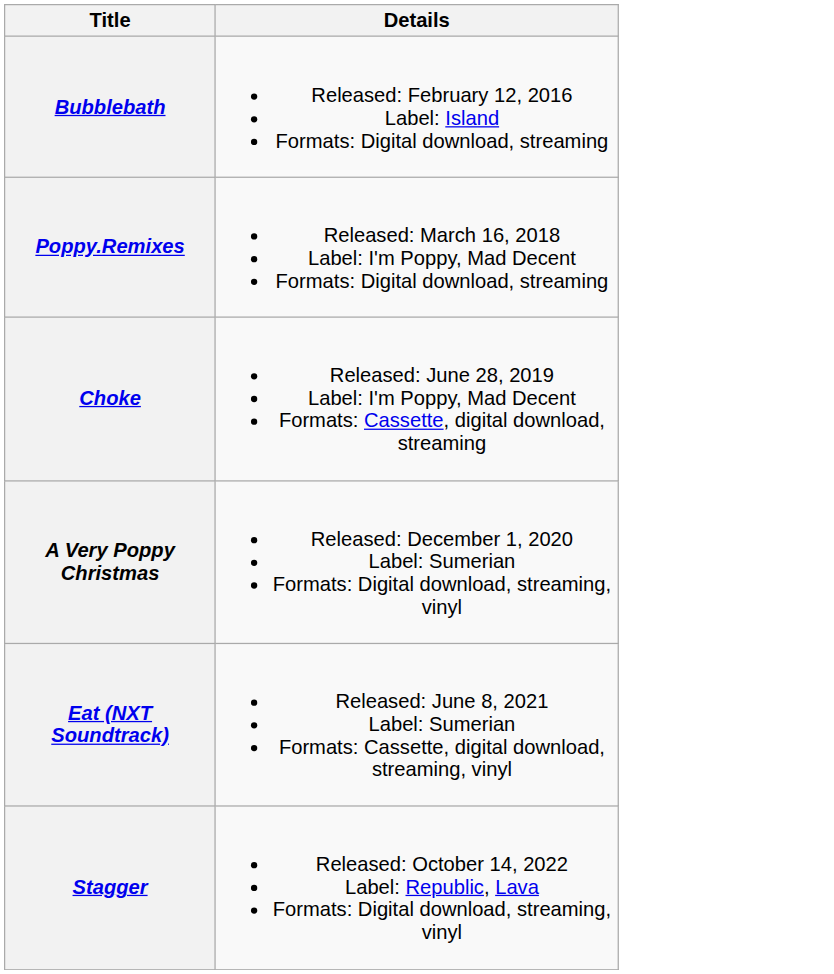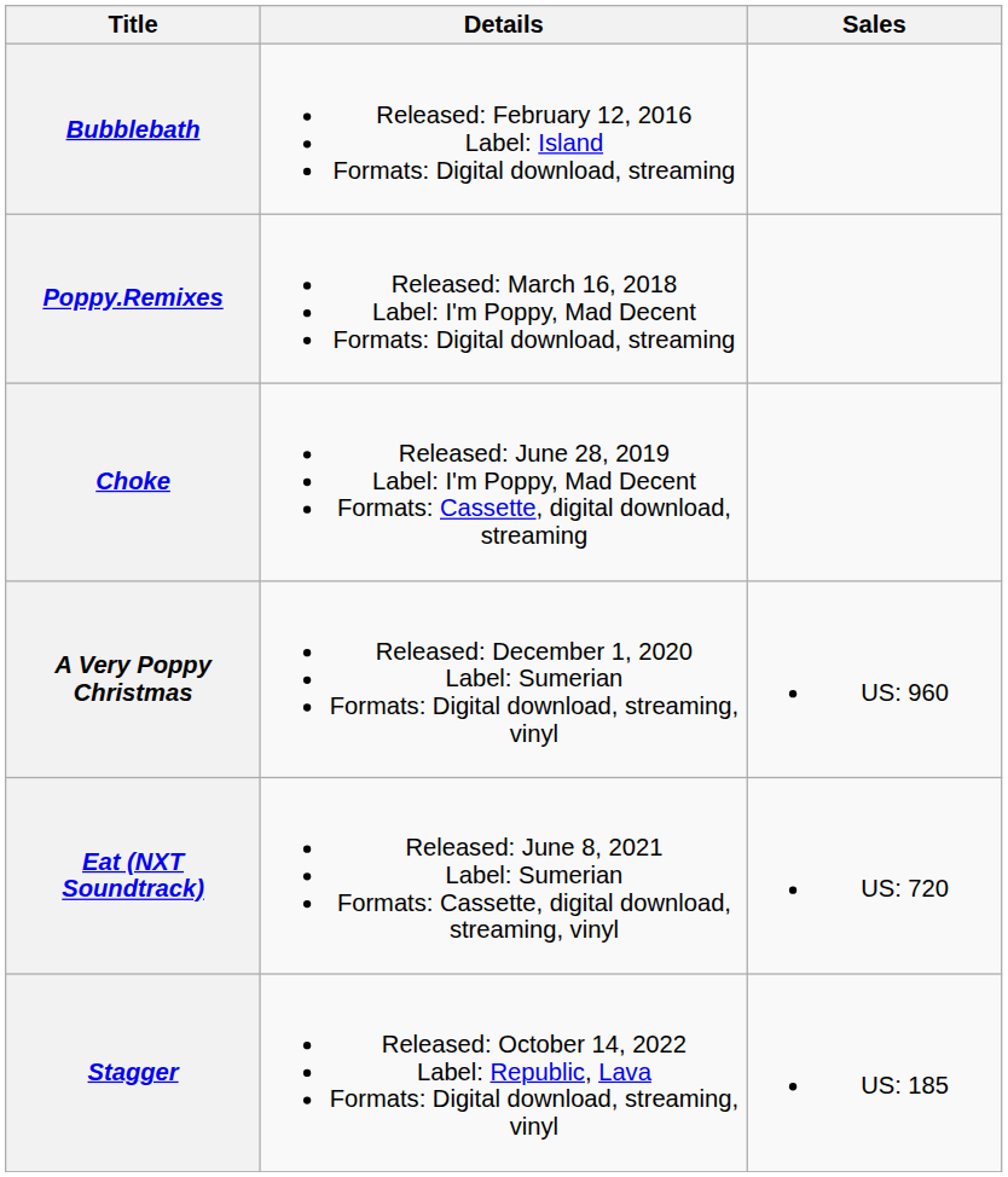 <table class="wikitable plainrowheaders" style="text-align:center;">
 <tr>
 <th scope="col" style="width:10em;">Title</th>
 <th scope="col" style="width:19.5em;">Details</th>
+<th scope="col" style="width:10em;">Sales</th>
 </tr>
 <tr>
 <th scope="row"><em><a href='#'>Bubblebath</a></em></th>
 <td><br><ul><li>Released: February 12, 2016</li><li>Label: <a href='#'>Island</a></li><li>Formats: Digital download, streaming</li></ul></td>
+<td></td>
 </tr>
 <tr>
 <th scope="row"><em><a href='#'>Poppy.Remixes</a></em></th>
 <td><br><ul><li>Released: March 16, 2018</li><li>Label: I'm Poppy, Mad Decent</li><li>Formats: Digital download, streaming</li></ul></td>
+<td></td>
 </tr>
 <tr>
 <th scope="row"><em><a href='#'>Choke</a></em></th>
 <td><br><ul><li>Released: June 28, 2019</li><li>Label: I'm Poppy, Mad Decent</li><li>Formats: <a href='#'>Cassette</a>, digital download, streaming</li></ul></td>
+<td></td>
 </tr>
 <tr>
 <th scope="row"><em>A Very Poppy Christmas</em></th>
 <td><br><ul><li>Released: December 1, 2020</li><li>Label: Sumerian</li><li>Formats: Digital download, streaming, vinyl</li></ul></td>
+<td><br><ul><li>US: 960</li></ul></td>
 </tr>
 <tr>
 <th scope="row"><em><a href='#'>Eat (NXT Soundtrack)</a></em></th>
 <td><br><ul><li>Released: June 8, 2021</li><li>Label: Sumerian</li><li>Formats: Cassette, digital download, streaming, vinyl</li></ul></td>
+<td><br><ul><li>US: 720</li></ul></td>
 </tr>
 <tr>
 <th scope="row"><em><a href='#'>Stagger</a></em></th>
 <td><br><ul><li>Released: October 14, 2022</li><li>Label: <a href='#'>Republic</a>, <a href='#'>Lava</a></li><li>Formats: Digital download, streaming, vinyl</li></ul></td>
+<td><br><ul><li>US: 185</li></ul></td>
 </tr>
 </table>
